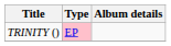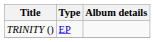 <table class="wikitable plainrowheaders">
 <tr>
 <th>Title</th>
 <th>Type</th>
 <th>Album details</th>
 </tr>
 <tr>
 <td><em>TRINITY</em> ()</td>
-<td style="background: pink;"><a href='#'>EP</a></td>
+<td><a href='#'>EP</a></td>
 <td></td>
 </tr>
 <tr>
 </tr>
 </table>
